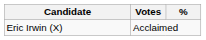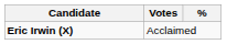 <table class="wikitable sortable">
 <tr>
 <th bgcolor="#DDDDFF" width="200px">Candidate</th>
 <th bgcolor="#DDDDFF" width="50px">Votes</th>
 <th bgcolor="#DDDDFF" width="50px">%</th>
 </tr>
 <tr>
-<td>Eric Irwin (X)</td>
+<td><strong>Eric Irwin (X)</strong></td>
 <td colspan="2">Acclaimed</td>
 </tr>
 </table>
